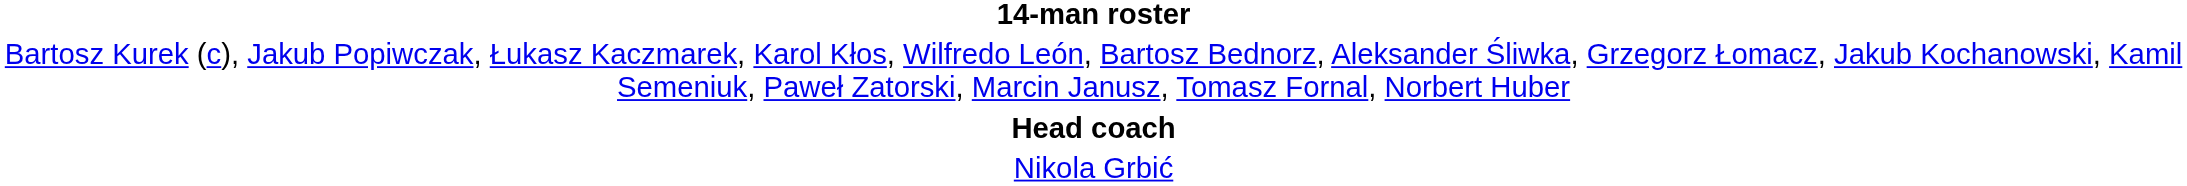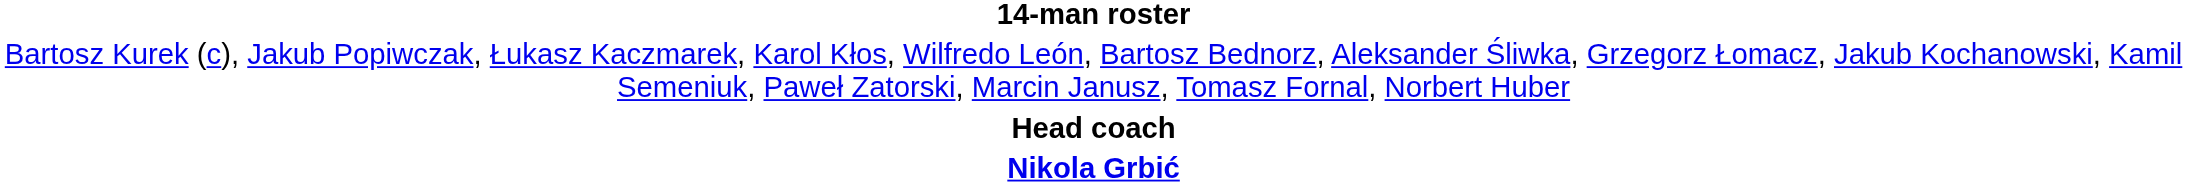 <table style="text-align:center;margin-top:2em;margin-left:auto;margin-right:auto">
 <tr>
 <td><strong>14-man roster</strong></td>
 </tr>
 <tr>
 <td><a href='#'>Bartosz Kurek</a> (<a href='#'>c</a>), <a href='#'>Jakub Popiwczak</a>, <a href='#'>Łukasz Kaczmarek</a>, <a href='#'>Karol Kłos</a>, <a href='#'>Wilfredo León</a>, <a href='#'>Bartosz Bednorz</a>, <a href='#'>Aleksander Śliwka</a>, <a href='#'>Grzegorz Łomacz</a>, <a href='#'>Jakub Kochanowski</a>, <a href='#'>Kamil Semeniuk</a>, <a href='#'>Paweł Zatorski</a>, <a href='#'>Marcin Janusz</a>, <a href='#'>Tomasz Fornal</a>, <a href='#'>Norbert Huber</a></td>
 </tr>
 <tr>
 <td><strong>Head coach</strong></td>
 </tr>
 <tr>
-<td><a href='#'>Nikola Grbić</a></td>
+<td><strong><a href='#'>Nikola Grbić</a></strong></td>
 </tr>
 </table>
